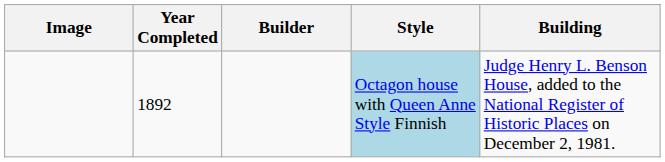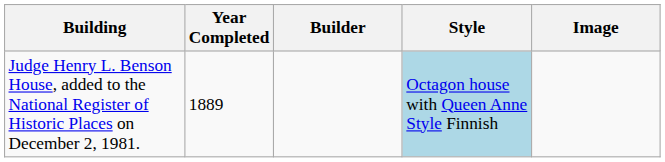 <table class="wikitable">
 <tr>
-<th width=20%>Image</th>
+<th width=28%>Building</th>
 <th width=8%>Year Completed</th>
 <th width=20%>Builder</th>
 <th width=20%>Style</th>
-<th width=28%>Building</th>
+<th width=20%>Image</th>
 </tr>
 <tr>
-<td></td>
-<td>1892</td>
+<td><a href='#'>Judge Henry L. Benson House</a>, added to the <a href='#'>National Register of Historic Places</a> on December 2, 1981.</td>
+<td>1889</td>
 <td></td>
 <td style="background: lightblue;"><a href='#'>Octagon house</a> with <a href='#'>Queen Anne Style</a> Finnish</td>
-<td><a href='#'>Judge Henry L. Benson House</a>, added to the <a href='#'>National Register of Historic Places</a> on December 2, 1981.</td>
+<td></td>
 </tr>
 </table>
